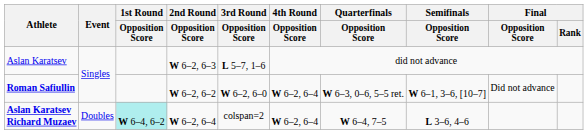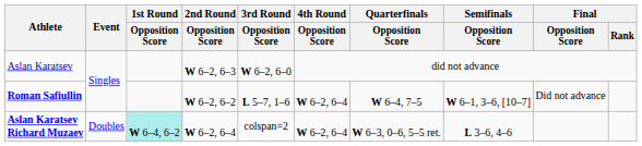 <table class="wikitable" style="text-align:center; font-size:90%">
 <tr>
 <th rowspan=2>Athlete</th>
 <th rowspan=2>Event</th>
 <th>1st Round</th>
 <th>2nd Round</th>
 <th>3rd Round</th>
 <th>4th Round</th>
 <th>Quarterfinals</th>
 <th>Semifinals</th>
 <th colspan=2>Final</th>
 </tr>
 <tr style="font-size:95%">
 <th>Opposition<br>Score</th>
 <th>Opposition<br>Score</th>
 <th>Opposition<br>Score</th>
 <th>Opposition<br>Score</th>
 <th>Opposition<br>Score</th>
 <th>Opposition<br>Score</th>
 <th>Opposition<br>Score</th>
 <th>Rank</th>
 </tr>
 <tr align=center>
 <td align=left><a href='#'>Aslan Karatsev</a></td>
 <td align=left rowspan=2><a href='#'>Singles</a></td>
 <td></td>
 <td><br><strong>W</strong> 6–2, 6–3</td>
-<td><br><strong>L</strong> 5–7, 1–6</td>
+<td><br><strong>W</strong> 6–2, 6–0</td>
 <td colspan=5>did not advance</td>
 </tr>
 <tr align=center>
 <td align=left><strong><a href='#'>Roman Safiullin</a></strong></td>
 <td></td>
 <td><br><strong>W</strong> 6–2, 6–2</td>
-<td><br><strong>W</strong> 6–2, 6–0</td>
+<td><br><strong>L</strong> 5–7, 1–6</td>
 <td><br><strong>W</strong> 6–2, 6–4</td>
-<td><br><strong>W</strong> 6–3, 0–6, 5–5 ret.</td>
+<td><br><strong>W</strong> 6–4, 7–5</td>
 <td><br><strong>W</strong> 6–1, 3–6, [10–7]</td>
 <td>Did not advance</td>
 <td></td>
 </tr>
 <tr align=center>
 <td align=left><strong><a href='#'>Aslan Karatsev</a><br><a href='#'>Richard Muzaev</a></strong></td>
 <td align=left><a href='#'>Doubles</a></td>
 <td style="background: paleturquoise;"><br><strong>W</strong> 6–4, 6–2</td>
 <td><br><strong>W</strong> 6–2, 6–4</td>
 <td>colspan=2 </td>
 <td><br><strong>W</strong> 6–2, 6–4</td>
-<td><br><strong>W</strong> 6–4, 7–5</td>
+<td><br><strong>W</strong> 6–3, 0–6, 5–5 ret.</td>
 <td><br><strong>L</strong> 3–6, 4–6</td>
 <td></td>
 </tr>
 </table>
